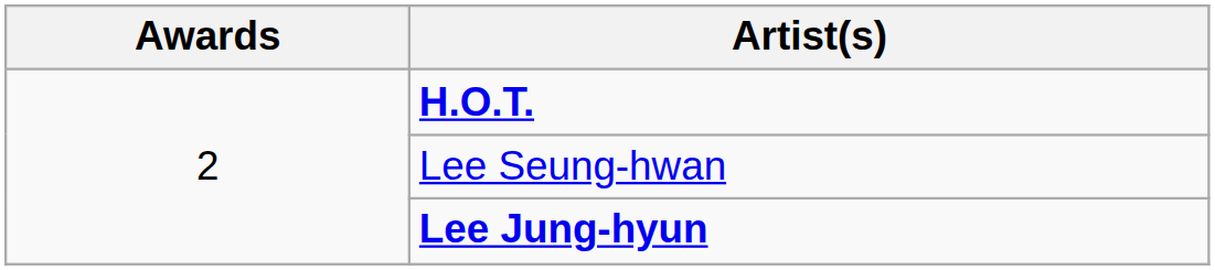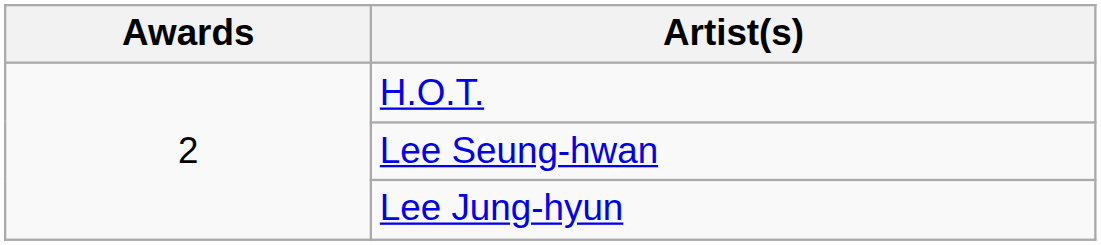 <table class="wikitable"  style="width:30%; text-align:center;">
 <tr>
 <th scope="col">Awards</th>
 <th scope="col">Artist(s)</th>
 </tr>
 <tr>
 <td rowspan=3>2</td>
-<td align=left><strong><a href='#'>H.O.T.</a></strong></td>
+<td align=left><a href='#'>H.O.T.</a></td>
 </tr>
 <tr>
 <td align=left><a href='#'>Lee Seung-hwan</a></td>
 </tr>
 <tr>
-<td align=left><strong><a href='#'>Lee Jung-hyun</a></strong></td>
+<td align=left><a href='#'>Lee Jung-hyun</a></td>
 </tr>
 </table>
